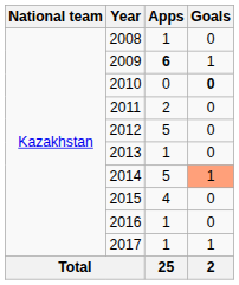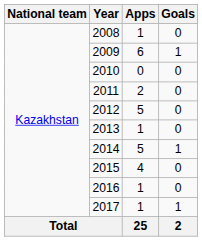 <table class="wikitable" style="text-align: center;">
 <tr>
 <th>National team</th>
 <th>Year</th>
 <th>Apps</th>
 <th>Goals</th>
 </tr>
 <tr>
 <td rowspan="10" valign="center"><a href='#'>Kazakhstan</a></td>
 <td>2008</td>
 <td>1</td>
 <td>0</td>
 </tr>
 <tr>
 <td>2009</td>
-<td><strong>6</strong></td>
+<td>6</td>
 <td>1</td>
 </tr>
 <tr>
 <td>2010</td>
 <td>0</td>
-<td><strong>0</strong></td>
+<td>0</td>
 </tr>
 <tr>
 <td>2011</td>
 <td>2</td>
 <td>0</td>
 </tr>
 <tr>
 <td>2012</td>
 <td>5</td>
 <td>0</td>
 </tr>
 <tr>
 <td>2013</td>
 <td>1</td>
 <td>0</td>
 </tr>
 <tr>
 <td>2014</td>
 <td>5</td>
-<td style="background: lightsalmon;">1</td>
+<td>1</td>
 </tr>
 <tr>
 <td>2015</td>
 <td>4</td>
 <td>0</td>
 </tr>
 <tr>
 <td>2016</td>
 <td>1</td>
 <td>0</td>
 </tr>
 <tr>
 <td>2017</td>
 <td>1</td>
 <td>1</td>
 </tr>
 <tr>
 <th colspan="2">Total</th>
 <th>25</th>
 <th>2</th>
 </tr>
 </table>
